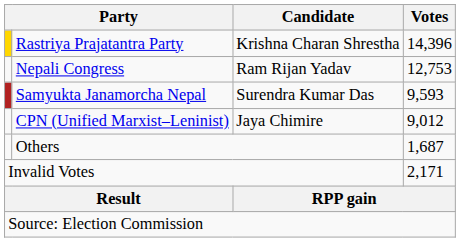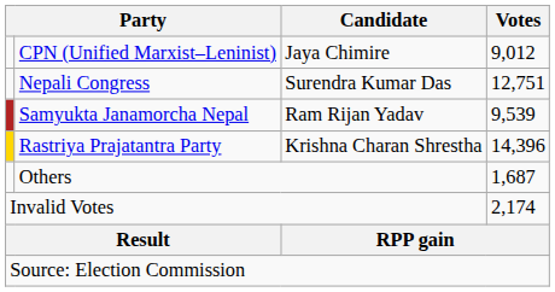 <table class="wikitable">
 <tr>
 <th colspan="2">Party</th>
 <th>Candidate</th>
 <th>Votes</th>
+</tr>
+<tr>
+<td style="background-color:"></td>
+<td><a href='#'>CPN (Unified Marxist–Leninist)</a></td>
+<td>Jaya Chimire</td>
+<td>9,012</td>
+</tr>
+<tr>
+<td style="background-color:"></td>
+<td><a href='#'>Nepali Congress</a></td>
+<td>Surendra Kumar Das</td>
+<td>12,751</td>
+</tr>
+<tr>
+<td style="background-color:firebrick"></td>
+<td><a href='#'>Samyukta Janamorcha Nepal</a></td>
+<td>Ram Rijan Yadav</td>
+<td>9,539</td>
 </tr>
 <tr>
 <td style="background-color:gold"></td>
 <td><a href='#'>Rastriya Prajatantra Party</a></td>
 <td>Krishna Charan Shrestha</td>
 <td>14,396</td>
 </tr>
 <tr>
-<td style="background-color:"></td>
-<td><a href='#'>Nepali Congress</a></td>
-<td>Ram Rijan Yadav</td>
-<td>12,753</td>
-</tr>
-<tr>
-<td style="background-color:firebrick"></td>
-<td><a href='#'>Samyukta Janamorcha Nepal</a></td>
-<td>Surendra Kumar Das</td>
-<td>9,593</td>
-</tr>
-<tr>
-<td style="background-color:"></td>
-<td><a href='#'>CPN (Unified Marxist–Leninist)</a></td>
-<td>Jaya Chimire</td>
-<td>9,012</td>
-</tr>
-<tr>
 <td></td>
 <td colspan="2">Others</td>
 <td>1,687</td>
 </tr>
 <tr>
 <td colspan="3">Invalid Votes</td>
-<td>2,171</td>
+<td>2,174</td>
 </tr>
 <tr>
 <th colspan="2">Result</th>
 <th colspan="2">RPP gain</th>
 </tr>
 <tr>
 <td colspan="4">Source: Election Commission</td>
 </tr>
 </table>
